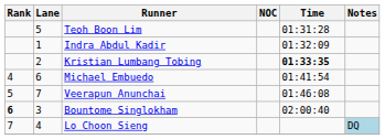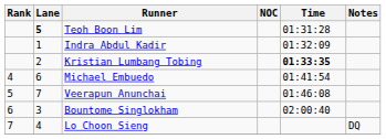 <table class="wikitable sortable" style="text-align:Left">
 <tr>
 <th width=10>Rank</th>
 <th width=10>Lane</th>
 <th width=250>Runner</th>
 <th width=10>NOC</th>
 <th width=80>Time</th>
 <th width=10>Notes</th>
 </tr>
 <tr>
 <td></td>
-<td>5</td>
+<td><strong>5</strong></td>
 <td><a href='#'>Teoh Boon Lim</a></td>
 <td></td>
 <td>01:31:28</td>
 <td></td>
 </tr>
 <tr>
 <td></td>
 <td>1</td>
 <td><a href='#'>Indra Abdul Kadir</a></td>
 <td></td>
 <td>01:32:09</td>
 <td></td>
 </tr>
 <tr>
 <td></td>
 <td>2</td>
 <td><a href='#'>Kristian Lumbang Tobing</a></td>
 <td></td>
 <td><strong>01:33:35</strong></td>
 <td></td>
 </tr>
 <tr>
 <td>4</td>
 <td>6</td>
 <td><a href='#'>Michael Embuedo</a></td>
 <td></td>
 <td>01:41:54</td>
 <td></td>
 </tr>
 <tr>
 <td>5</td>
 <td>7</td>
 <td><a href='#'>Veerapun Anunchai</a></td>
 <td></td>
 <td>01:46:08</td>
 <td></td>
 </tr>
 <tr>
-<td><strong>6</strong></td>
+<td>6</td>
 <td>3</td>
 <td><a href='#'>Bountome Singlokham</a></td>
 <td></td>
 <td>02:00:40</td>
 <td></td>
 </tr>
 <tr>
 <td>7</td>
 <td>4</td>
 <td><a href='#'>Lo Choon Sieng</a></td>
 <td></td>
 <td></td>
-<td style="background: lightblue;">DQ</td>
+<td>DQ</td>
 </tr>
 <tr>
 </tr>
 </table>
